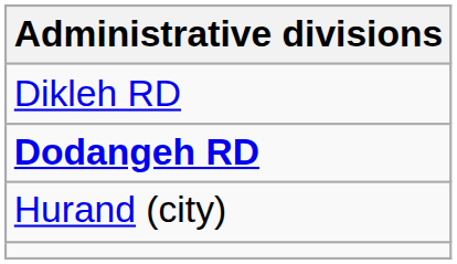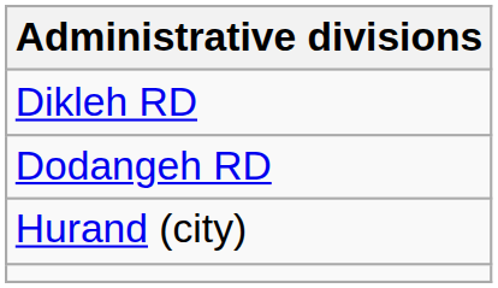 <table class="wikitable">
 <tr>
 <th>Administrative divisions</th>
 </tr>
 <tr>
 <td><a href='#'>Dikleh RD</a></td>
 </tr>
 <tr>
-<td><strong><a href='#'>Dodangeh RD</a></strong></td>
+<td><a href='#'>Dodangeh RD</a></td>
 </tr>
 <tr>
 <td><a href='#'>Hurand</a> (city)</td>
 </tr>
 <tr>
 <td colspan=1></td>
 </tr>
 </table>
